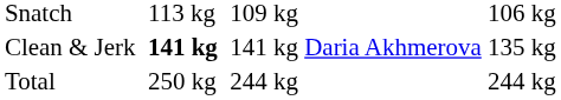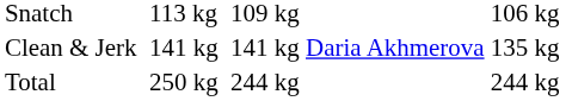 <table>
 <tr>
 <td>Snatch</td>
 <td></td>
 <td>113 kg</td>
 <td></td>
 <td>109 kg</td>
 <td></td>
 <td>106 kg</td>
 </tr>
 <tr>
 <td>Clean & Jerk</td>
 <td></td>
-<td><strong>141 kg</strong></td>
+<td>141 kg</td>
 <td></td>
 <td>141 kg</td>
 <td> <a href='#'>Daria Akhmerova</a> </td>
 <td>135 kg</td>
 </tr>
 <tr>
 <td>Total</td>
 <td></td>
 <td>250 kg</td>
 <td></td>
 <td>244 kg</td>
 <td></td>
 <td>244 kg</td>
 </tr>
 </table>
